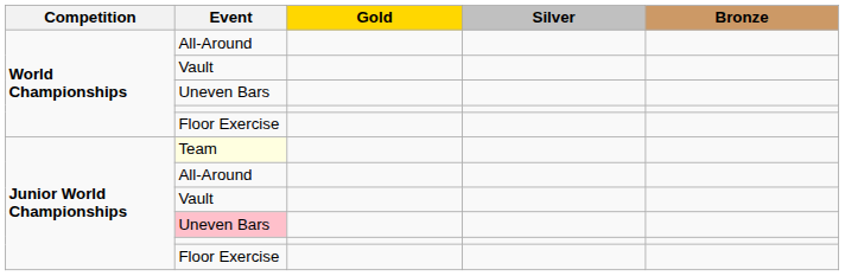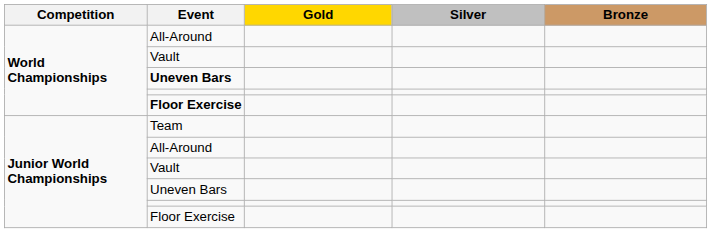 <table class="wikitable" style="width:67%;">
 <tr>
 <th style="text-align:center; width:1%;">Competition</th>
 <th style="text-align:center; width:1%;">Event</th>
 <td style="text-align:center; width:3%; background:gold;"><strong>Gold</strong></td>
 <td style="text-align:center; width:3%; background:silver;"><strong>Silver</strong></td>
 <td style="text-align:center; width:3%; background:#c96;"><strong>Bronze</strong></td>
 </tr>
 <tr>
 <td rowspan=5><strong>World Championships</strong></td>
+<td>All-Around</td>
+<td></td>
+<td></td>
+<td></td>
+</tr>
+<tr>
+<td>Vault</td>
+<td></td>
+<td></td>
+<td></td>
+</tr>
+<tr>
+<td><strong>Uneven Bars</strong></td>
+<td></td>
+<td></td>
+<td></td>
+</tr>
+<tr>
+<td></td>
+<td></td>
+<td></td>
+<td></td>
+</tr>
+<tr>
+<td><strong>Floor Exercise</strong></td>
+<td></td>
+<td></td>
+<td></td>
+</tr>
+<tr>
+<td rowspan=6><strong>Junior World Championships</strong></td>
+<td>Team</td>
+<td></td>
+<td></td>
+<td></td>
+</tr>
+<tr>
 <td>All-Around</td>
 <td></td>
 <td></td>
 <td></td>
 </tr>
 <tr>
 <td>Vault</td>
 <td></td>
 <td></td>
 <td></td>
 </tr>
 <tr>
 <td>Uneven Bars</td>
 <td></td>
 <td></td>
 <td></td>
 </tr>
 <tr>
 <td></td>
 <td></td>
 <td></td>
 <td></td>
 </tr>
 <tr>
 <td>Floor Exercise</td>
 <td></td>
 <td></td>
 <td></td>
 </tr>
-<tr>
-<td rowspan=6><strong>Junior World Championships</strong></td>
-<td style="background: lightyellow;">Team</td>
-<td></td>
-<td></td>
-<td></td>
-</tr>
-<tr>
-<td>All-Around</td>
-<td></td>
-<td></td>
-<td></td>
-</tr>
-<tr>
-<td>Vault</td>
-<td></td>
-<td></td>
-<td></td>
-</tr>
-<tr>
-<td style="background: pink;">Uneven Bars</td>
-<td></td>
-<td></td>
-<td></td>
-</tr>
-<tr>
-<td></td>
-<td></td>
-<td></td>
-<td></td>
-</tr>
-<tr>
-<td>Floor Exercise</td>
-<td></td>
-<td></td>
-<td></td>
-</tr>
 </table>
